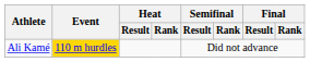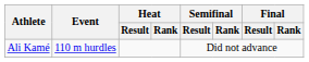 <table class="wikitable" style="font-size:90%">
 <tr>
 <th rowspan="2">Athlete</th>
 <th rowspan="2">Event</th>
 <th colspan="2">Heat</th>
 <th colspan="2">Semifinal</th>
 <th colspan="2">Final</th>
 </tr>
 <tr style="font-size:95%">
 <th>Result</th>
 <th>Rank</th>
 <th>Result</th>
 <th>Rank</th>
 <th>Result</th>
 <th>Rank</th>
 </tr>
 <tr align=center>
 <td align=left><a href='#'>Ali Kamé</a></td>
-<td align=left style="background: gold;"><a href='#'>110 m hurdles</a></td>
+<td align=left><a href='#'>110 m hurdles</a></td>
 <td colspan=2></td>
 <td colspan=4>Did not advance</td>
 </tr>
 </table>
